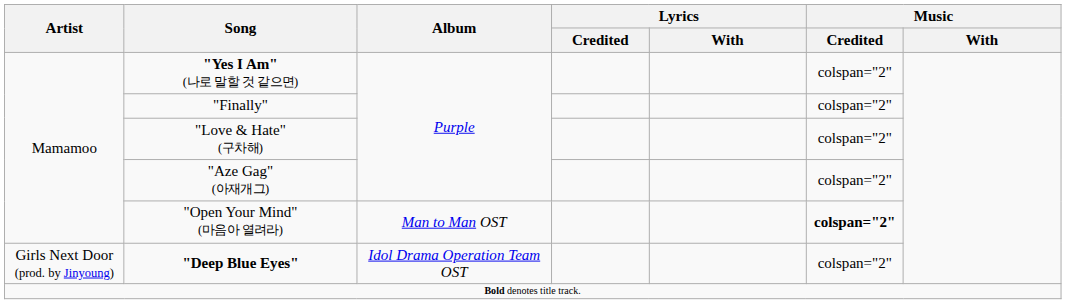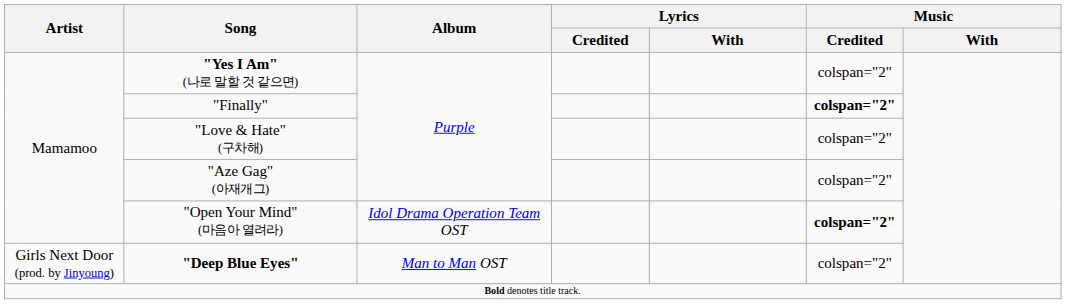 <table class="wikitable" style="text-align:center;">
 <tr>
 <th rowspan="2" style="width:7.5em;">Artist</th>
 <th rowspan="2" style="width:15em;">Song</th>
 <th rowspan="2" style="width:12.5em;">Album</th>
 <th colspan="2" style="width:16em;">Lyrics</th>
 <th colspan="2" style="width:16em;">Music</th>
 </tr>
 <tr>
 <th style="width:6em;">Credited</th>
 <th style="width:10em;">With</th>
 <th style="width:6em;">Credited</th>
 <th style="width:10em;">With</th>
 </tr>
 <tr>
 <td rowspan="5">Mamamoo</td>
 <td><strong>"Yes I Am"</strong> <br><small>(나로 말할 것 같으면)</small></td>
 <td rowspan="4"><em><a href='#'>Purple</a></em></td>
 <td></td>
 <td></td>
 <td>colspan="2" </td>
 </tr>
 <tr>
 <td>"Finally"</td>
 <td></td>
 <td></td>
-<td>colspan="2" </td>
+<td><strong>colspan="2" </strong></td>
 </tr>
 <tr>
 <td>"Love & Hate" <br><small>(구차해)</small></td>
 <td></td>
 <td></td>
 <td>colspan="2" </td>
 </tr>
 <tr>
 <td>"Aze Gag" <br><small>(아재개그)</small></td>
 <td></td>
 <td></td>
 <td>colspan="2" </td>
 </tr>
 <tr>
 <td>"Open Your Mind" <br><small>(마음아 열려라)</small></td>
-<td><em><a href='#'>Man to Man</a> OST</em></td>
+<td><em><a href='#'>Idol Drama Operation Team</a> OST</em></td>
 <td></td>
 <td></td>
 <td><strong>colspan="2" </strong></td>
 </tr>
 <tr>
 <td>Girls Next Door <br><small>(prod. by <a href='#'>Jinyoung</a>)</small></td>
 <td><strong>"Deep Blue Eyes"</strong></td>
-<td><em><a href='#'>Idol Drama Operation Team</a> OST</em></td>
+<td><em><a href='#'>Man to Man</a> OST</em></td>
 <td></td>
 <td></td>
 <td>colspan="2" </td>
 </tr>
 <tr>
 <td colspan="7" style="text-align:center; font-size:8pt;"><strong>Bold</strong> denotes title track.</td>
 </tr>
 </table>
